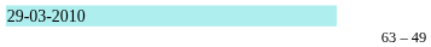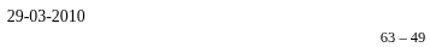 <table width=100% cellspacing=1>
 <tr>
 <th width=25%></th>
 <th width=10%></th>
 <th></th>
 </tr>
 <tr>
-<td style="background: paleturquoise;">29-03-2010</td>
+<td>29-03-2010</td>
 </tr>
 <tr style=font-size:90%>
 <td align=right></td>
 <td align=center>63 – 49</td>
 <td></td>
 </tr>
 </table>
